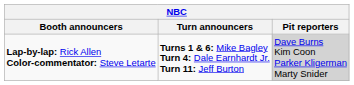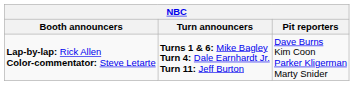 <table class="wikitable" style="font-size: 95%">
 <tr>
 <th colspan="3"><a href='#'>NBC</a></th>
 </tr>
 <tr>
 <th>Booth announcers</th>
 <th>Turn announcers</th>
 <th>Pit reporters</th>
 </tr>
 <tr>
 <td><strong>Lap-by-lap:</strong> <a href='#'>Rick Allen</a><br><strong>Color-commentator:</strong> <a href='#'>Steve Letarte</a></td>
 <td><strong>Turns 1 & 6:</strong> <a href='#'>Mike Bagley</a><br><strong>Turn 4:</strong> <a href='#'>Dale Earnhardt Jr.</a><br><strong>Turn 11:</strong> <a href='#'>Jeff Burton</a></td>
-<td style="background: lightgrey;"><a href='#'>Dave Burns</a><br>Kim Coon<br><a href='#'>Parker Kligerman</a><br>Marty Snider</td>
+<td><a href='#'>Dave Burns</a><br>Kim Coon<br><a href='#'>Parker Kligerman</a><br>Marty Snider</td>
 </tr>
 </table>
